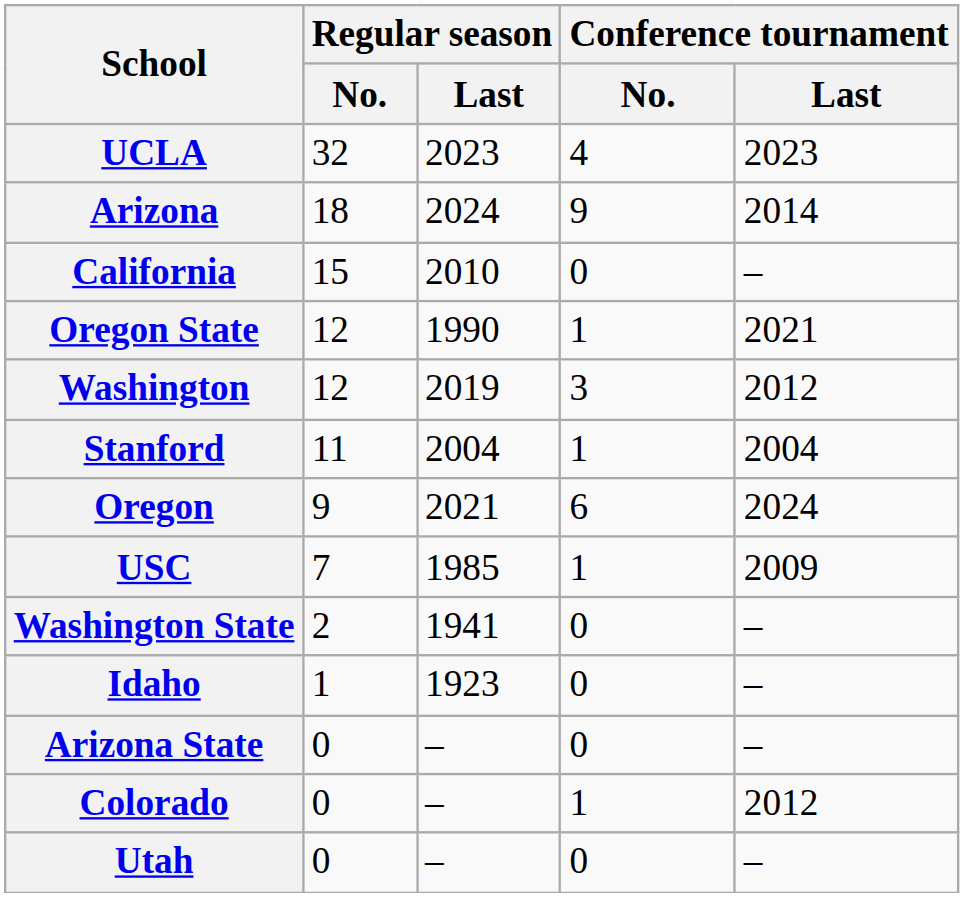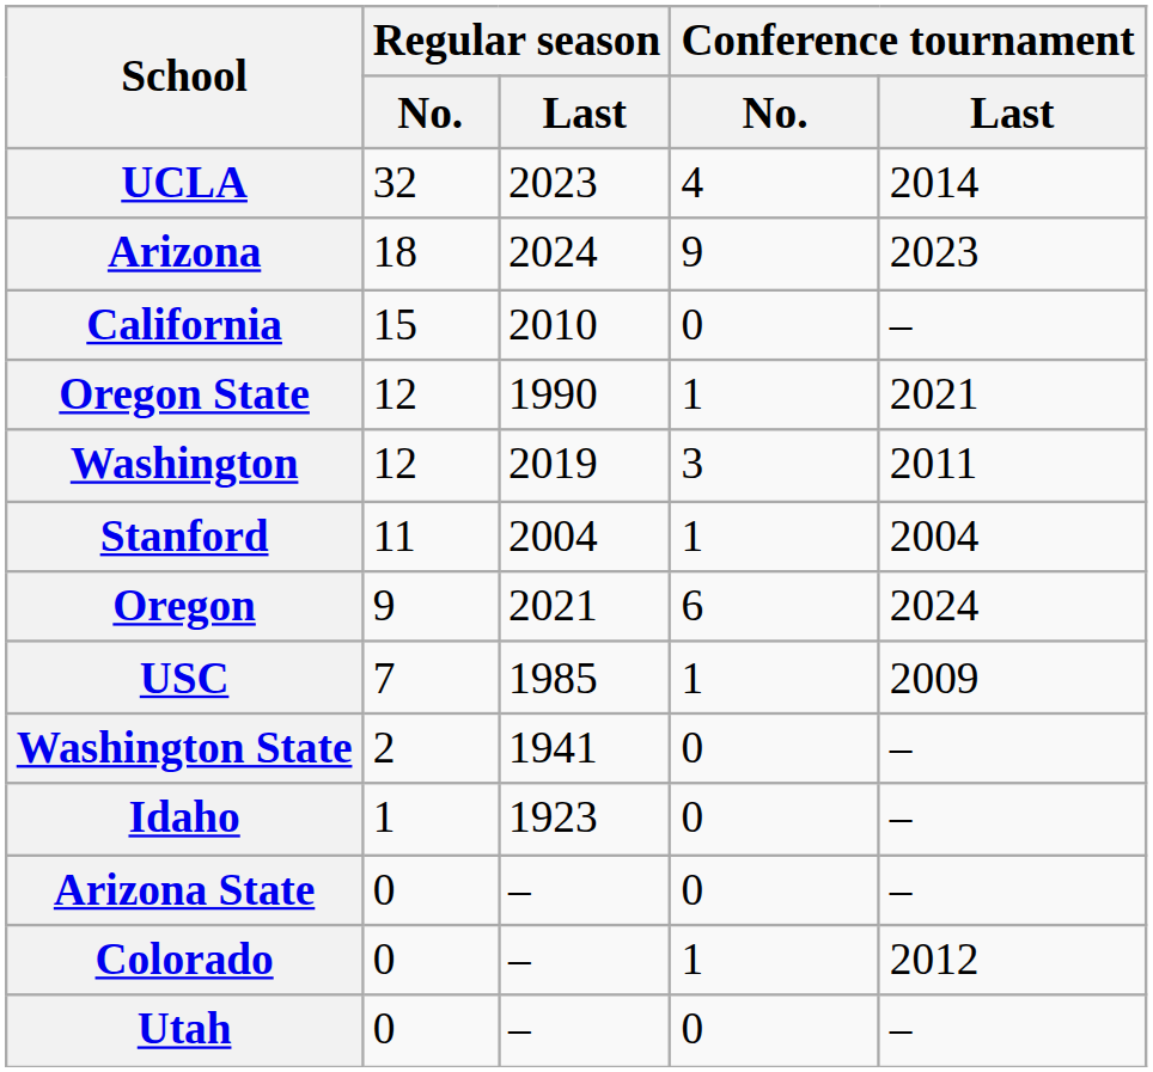 <table class="wikitable sortable" style="align:center">
 <tr>
 <th rowspan=2>School</th>
 <th colspan=2>Regular season</th>
 <th colspan=2>Conference tournament</th>
 </tr>
 <tr>
 <th>No.</th>
 <th>Last</th>
 <th>No.</th>
 <th>Last</th>
 </tr>
 <tr>
 <th><a href='#'>UCLA</a></th>
 <td>32</td>
 <td>2023</td>
 <td>4</td>
-<td>2023</td>
+<td>2014</td>
 </tr>
 <tr>
 <th><a href='#'>Arizona</a></th>
 <td>18</td>
 <td>2024</td>
 <td>9</td>
-<td>2014</td>
+<td>2023</td>
 </tr>
 <tr>
 <th><a href='#'>California</a></th>
 <td>15</td>
 <td>2010</td>
 <td>0</td>
 <td>–</td>
 </tr>
 <tr>
 <th><a href='#'>Oregon State</a></th>
 <td>12</td>
 <td>1990</td>
 <td>1</td>
 <td>2021</td>
 </tr>
 <tr>
 <th><a href='#'>Washington</a></th>
 <td>12</td>
 <td>2019</td>
 <td>3</td>
-<td>2012</td>
+<td>2011</td>
 </tr>
 <tr>
 <th><a href='#'>Stanford</a></th>
 <td>11</td>
 <td>2004</td>
 <td>1</td>
 <td>2004</td>
 </tr>
 <tr>
 <th><a href='#'>Oregon</a></th>
 <td>9</td>
 <td>2021</td>
 <td>6</td>
 <td>2024</td>
 </tr>
 <tr>
 <th><a href='#'>USC</a></th>
 <td>7</td>
 <td>1985</td>
 <td>1</td>
 <td>2009</td>
 </tr>
 <tr>
 <th><a href='#'>Washington State</a></th>
 <td>2</td>
 <td>1941</td>
 <td>0</td>
 <td>–</td>
 </tr>
 <tr>
 <th><a href='#'>Idaho</a></th>
 <td>1</td>
 <td>1923</td>
 <td>0</td>
 <td>–</td>
 </tr>
 <tr>
 <th><a href='#'>Arizona State</a></th>
 <td>0</td>
 <td>–</td>
 <td>0</td>
 <td>–</td>
 </tr>
 <tr>
 <th><a href='#'>Colorado</a></th>
 <td>0</td>
 <td>–</td>
 <td>1</td>
 <td>2012</td>
 </tr>
 <tr>
 <th><a href='#'>Utah</a></th>
 <td>0</td>
 <td>–</td>
 <td>0</td>
 <td>–</td>
 </tr>
 </table>
